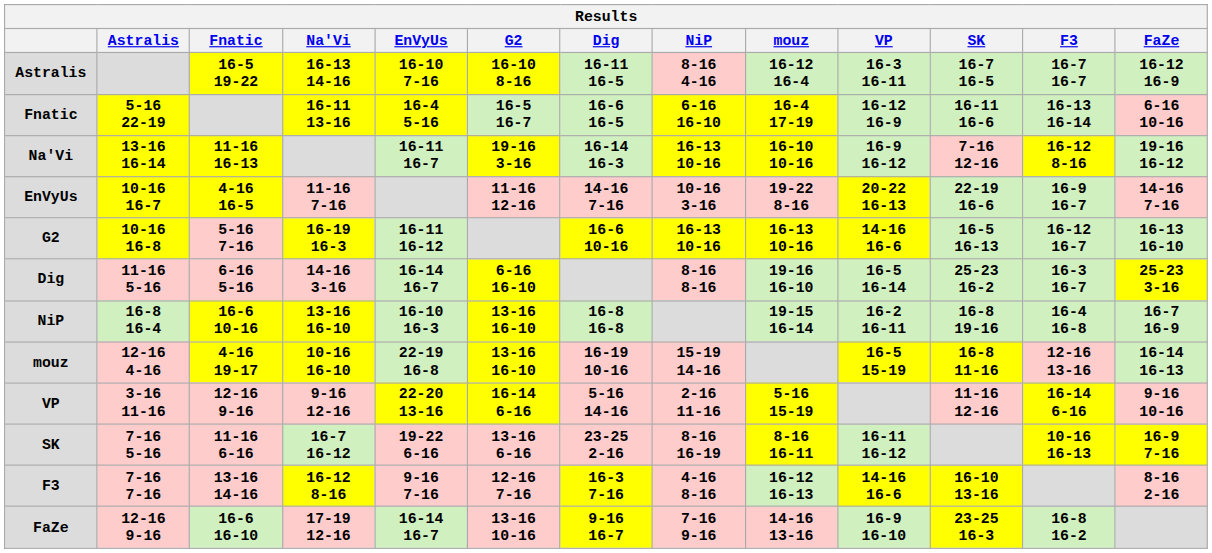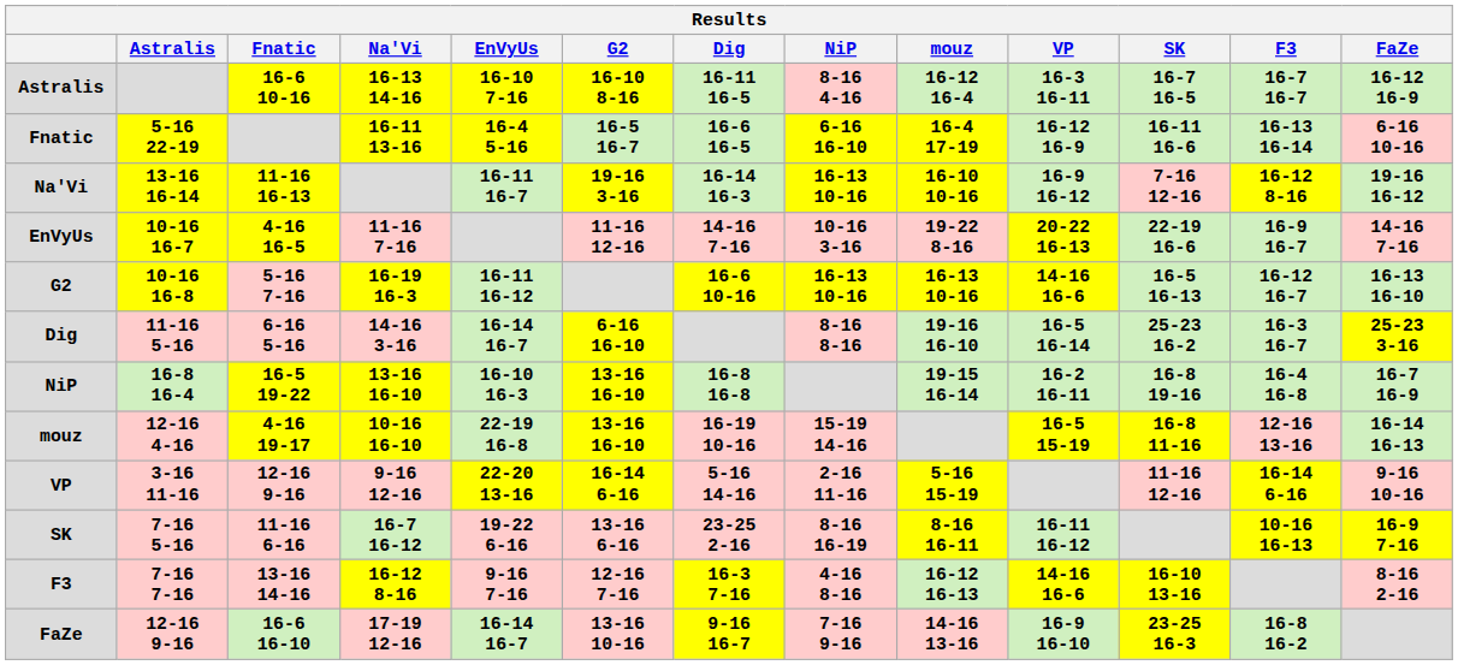 <table class="wikitable" style="text-align: center;">
 <tr>
 <th colspan=15>Results</th>
 </tr>
 <tr>
 <th width="75px"></th>
 <th width="75px"><a href='#'>Astralis</a></th>
 <th width="75px"><a href='#'>Fnatic</a></th>
 <th width="75px"><a href='#'>Na'Vi</a></th>
 <th width="75px"><a href='#'>EnVyUs</a></th>
 <th width="75px"><a href='#'>G2</a></th>
 <th width="75px"><a href='#'>Dig</a></th>
 <th width="75px"><a href='#'>NiP</a></th>
 <th width="75px"><a href='#'>mouz</a></th>
 <th width="75px"><a href='#'>VP</a></th>
 <th width="75px"><a href='#'>SK</a></th>
 <th width="75px"><a href='#'>F3</a></th>
 <th width="75px"><a href='#'>FaZe</a></th>
 </tr>
 <tr>
 <td style="background: #DCDCDC;"><strong>Astralis</strong></td>
 <td style="background: #DCDCDC;"></td>
-<td style="background: #FFFF00;"><strong>16-5<br>19-22</strong></td>
+<td style="background: #FFFF00;"><strong>16-6<br>10-16</strong></td>
 <td style="background: #FFFF00;"><strong>16-13<br>14-16</strong></td>
 <td style="background: #FFFF00;"><strong>16-10<br>7-16</strong></td>
 <td style="background: #FFFF00;"><strong>16-10<br>8-16</strong></td>
 <td style="background: #D0F0C0;"><strong>16-11<br>16-5</strong></td>
 <td style="background: #FFCCCC;"><strong>8-16<br>4-16</strong></td>
 <td style="background: #D0F0C0;"><strong>16-12<br>16-4</strong></td>
 <td style="background: #D0F0C0;"><strong>16-3<br>16-11</strong></td>
 <td style="background: #D0F0C0;"><strong>16-7<br>16-5</strong></td>
 <td style="background: #D0F0C0;"><strong>16-7<br>16-7</strong></td>
 <td style="background: #D0F0C0;"><strong>16-12<br>16-9</strong></td>
 </tr>
 <tr>
 <td style="background: #DCDCDC;"><strong>Fnatic</strong></td>
 <td style="background: #FFFF00;"><strong>5-16<br>22-19</strong></td>
 <td style="background: #DCDCDC;"></td>
 <td style="background: #FFFF00;"><strong>16-11<br>13-16</strong></td>
 <td style="background: #FFFF00;"><strong>16-4<br>5-16</strong></td>
 <td style="background: #D0F0C0;"><strong>16-5<br>16-7</strong></td>
 <td style="background: #D0F0C0;"><strong>16-6<br>16-5</strong></td>
 <td style="background: #FFFF00;"><strong>6-16<br>16-10</strong></td>
 <td style="background: #FFFF00;"><strong>16-4<br>17-19</strong></td>
 <td style="background: #D0F0C0;"><strong>16-12<br>16-9</strong></td>
 <td style="background: #D0F0C0;"><strong>16-11<br>16-6</strong></td>
 <td style="background: #D0F0C0;"><strong>16-13<br>16-14</strong></td>
 <td style="background: #FFCCCC;"><strong>6-16<br>10-16</strong></td>
 </tr>
 <tr>
 <td style="background: #DCDCDC;"><strong>Na'Vi</strong></td>
 <td style="background: #FFFF00;"><strong>13-16<br>16-14</strong></td>
 <td style="background: #FFFF00;"><strong>11-16<br>16-13</strong></td>
 <td style="background: #DCDCDC;"></td>
 <td style="background: #D0F0C0;"><strong>16-11<br>16-7</strong></td>
 <td style="background: #FFFF00;"><strong>19-16<br>3-16</strong></td>
 <td style="background: #D0F0C0;"><strong>16-14<br>16-3</strong></td>
 <td style="background: #FFFF00;"><strong>16-13<br>10-16</strong></td>
 <td style="background: #FFFF00;"><strong>16-10<br>10-16</strong></td>
 <td style="background: #D0F0C0;"><strong>16-9<br>16-12</strong></td>
 <td style="background: #FFCCCC;"><strong>7-16<br>12-16</strong></td>
 <td style="background: #FFFF00;"><strong>16-12<br>8-16</strong></td>
 <td style="background: #D0F0C0;"><strong>19-16<br>16-12</strong></td>
 </tr>
 <tr>
 <td style="background: #DCDCDC;"><strong>EnVyUs</strong></td>
 <td style="background: #FFFF00;"><strong>10-16<br>16-7</strong></td>
 <td style="background: #FFFF00;"><strong>4-16<br>16-5</strong></td>
 <td style="background: #FFCCCC;"><strong>11-16<br>7-16</strong></td>
 <td style="background: #DCDCDC;"></td>
 <td style="background: #FFCCCC;"><strong>11-16<br>12-16</strong></td>
 <td style="background: #FFCCCC;"><strong>14-16<br>7-16</strong></td>
 <td style="background: #FFCCCC;"><strong>10-16<br>3-16</strong></td>
 <td style="background: #FFCCCC;"><strong>19-22<br>8-16</strong></td>
 <td style="background: #FFFF00;"><strong>20-22<br>16-13</strong></td>
 <td style="background: #D0F0C0;"><strong>22-19<br>16-6</strong></td>
 <td style="background: #D0F0C0;"><strong>16-9<br>16-7</strong></td>
 <td style="background: #FFCCCC;"><strong>14-16<br>7-16</strong></td>
 </tr>
 <tr>
 <td style="background: #DCDCDC;"><strong>G2</strong></td>
 <td style="background: #FFFF00;"><strong>10-16<br>16-8</strong></td>
 <td style="background: #FFCCCC;"><strong>5-16<br>7-16</strong></td>
 <td style="background: #FFFF00;"><strong>16-19<br>16-3</strong></td>
 <td style="background: #D0F0C0;"><strong>16-11<br>16-12</strong></td>
 <td style="background: #DCDCDC;"></td>
 <td style="background: #FFFF00;"><strong>16-6<br>10-16</strong></td>
 <td style="background: #FFFF00;"><strong>16-13<br>10-16</strong></td>
 <td style="background: #FFFF00;"><strong>16-13<br>10-16</strong></td>
 <td style="background: #FFFF00;"><strong>14-16<br>16-6</strong></td>
 <td style="background: #D0F0C0;"><strong>16-5<br>16-13</strong></td>
 <td style="background: #D0F0C0;"><strong>16-12<br>16-7</strong></td>
 <td style="background: #D0F0C0;"><strong>16-13<br>16-10</strong></td>
 </tr>
 <tr>
 <td style="background: #DCDCDC;"><strong>Dig</strong></td>
 <td style="background: #FFCCCC;"><strong>11-16<br>5-16</strong></td>
 <td style="background: #FFCCCC;"><strong>6-16<br>5-16</strong></td>
 <td style="background: #FFCCCC;"><strong>14-16<br>3-16</strong></td>
 <td style="background: #D0F0C0;"><strong>16-14<br>16-7</strong></td>
 <td style="background: #FFFF00;"><strong>6-16<br>16-10</strong></td>
 <td style="background: #DCDCDC;"></td>
 <td style="background: #FFCCCC;"><strong>8-16<br>8-16</strong></td>
 <td style="background: #D0F0C0;"><strong>19-16<br>16-10</strong></td>
 <td style="background: #D0F0C0;"><strong>16-5<br>16-14</strong></td>
 <td style="background: #D0F0C0;"><strong>25-23<br>16-2</strong></td>
 <td style="background: #D0F0C0;"><strong>16-3<br>16-7</strong></td>
 <td style="background: #FFFF00;"><strong>25-23<br>3-16</strong></td>
 </tr>
 <tr>
 <td style="background: #DCDCDC;"><strong>NiP</strong></td>
 <td style="background: #D0F0C0;"><strong>16-8<br>16-4</strong></td>
-<td style="background: #FFFF00;"><strong>16-6<br>10-16</strong></td>
+<td style="background: #FFFF00;"><strong>16-5<br>19-22</strong></td>
 <td style="background: #FFFF00;"><strong>13-16<br>16-10</strong></td>
 <td style="background: #D0F0C0;"><strong>16-10<br>16-3</strong></td>
 <td style="background: #FFFF00;"><strong>13-16<br>16-10</strong></td>
 <td style="background: #D0F0C0;"><strong>16-8<br>16-8</strong></td>
 <td style="background: #DCDCDC;"></td>
 <td style="background: #D0F0C0;"><strong>19-15<br>16-14</strong></td>
 <td style="background: #D0F0C0;"><strong>16-2<br>16-11</strong></td>
 <td style="background: #D0F0C0;"><strong>16-8<br>19-16</strong></td>
 <td style="background: #D0F0C0;"><strong>16-4<br>16-8</strong></td>
 <td style="background: #D0F0C0;"><strong>16-7<br>16-9</strong></td>
 </tr>
 <tr>
 <td style="background: #DCDCDC;"><strong>mouz</strong></td>
 <td style="background: #FFCCCC;"><strong>12-16<br>4-16</strong></td>
 <td style="background: #FFFF00;"><strong>4-16<br>19-17</strong></td>
 <td style="background: #FFFF00;"><strong>10-16<br>16-10</strong></td>
 <td style="background: #D0F0C0;"><strong>22-19<br>16-8</strong></td>
 <td style="background: #FFFF00;"><strong>13-16<br>16-10</strong></td>
 <td style="background: #FFCCCC;"><strong>16-19<br>10-16</strong></td>
 <td style="background: #FFCCCC;"><strong>15-19<br>14-16</strong></td>
 <td style="background: #DCDCDC;"></td>
 <td style="background: #FFFF00;"><strong>16-5<br>15-19</strong></td>
 <td style="background: #FFFF00;"><strong>16-8<br>11-16</strong></td>
 <td style="background: #FFCCCC;"><strong>12-16<br>13-16</strong></td>
 <td style="background: #D0F0C0;"><strong>16-14<br>16-13</strong></td>
 </tr>
 <tr>
 <td style="background: #DCDCDC;"><strong>VP</strong></td>
 <td style="background: #FFCCCC;"><strong>3-16<br>11-16</strong></td>
 <td style="background: #FFCCCC;"><strong>12-16<br>9-16</strong></td>
 <td style="background: #FFCCCC;"><strong>9-16<br>12-16</strong></td>
 <td style="background: #FFFF00;"><strong>22-20<br>13-16</strong></td>
 <td style="background: #FFFF00;"><strong>16-14<br>6-16</strong></td>
 <td style="background: #FFCCCC;"><strong>5-16<br>14-16</strong></td>
 <td style="background: #FFCCCC;"><strong>2-16<br>11-16</strong></td>
 <td style="background: #FFFF00;"><strong>5-16<br>15-19</strong></td>
 <td style="background: #DCDCDC;"></td>
 <td style="background: #FFCCCC;"><strong>11-16<br>12-16</strong></td>
 <td style="background: #FFFF00;"><strong>16-14<br>6-16</strong></td>
 <td style="background: #FFCCCC;"><strong>9-16<br>10-16</strong></td>
 </tr>
 <tr>
 <td style="background: #DCDCDC;"><strong>SK</strong></td>
 <td style="background: #FFCCCC;"><strong>7-16<br>5-16</strong></td>
 <td style="background: #FFCCCC;"><strong>11-16<br>6-16</strong></td>
 <td style="background: #D0F0C0;"><strong>16-7<br>16-12</strong></td>
 <td style="background: #FFCCCC;"><strong>19-22<br>6-16</strong></td>
 <td style="background: #FFCCCC;"><strong>13-16<br>6-16</strong></td>
 <td style="background: #FFCCCC;"><strong>23-25<br>2-16</strong></td>
 <td style="background: #FFCCCC;"><strong>8-16<br>16-19</strong></td>
 <td style="background: #FFFF00;"><strong>8-16<br>16-11</strong></td>
 <td style="background: #D0F0C0;"><strong>16-11<br>16-12</strong></td>
 <td style="background: #DCDCDC;"></td>
 <td style="background: #FFFF00;"><strong>10-16<br>16-13</strong></td>
 <td style="background: #FFFF00;"><strong>16-9<br>7-16</strong></td>
 </tr>
 <tr>
 <td style="background: #DCDCDC;"><strong>F3</strong></td>
 <td style="background: #FFCCCC;"><strong>7-16<br>7-16</strong></td>
 <td style="background: #FFCCCC;"><strong>13-16<br>14-16</strong></td>
 <td style="background: #FFFF00;"><strong>16-12<br>8-16</strong></td>
 <td style="background: #FFCCCC;"><strong>9-16<br>7-16</strong></td>
 <td style="background: #FFCCCC;"><strong>12-16<br>7-16</strong></td>
 <td style="background: #FFFF00;"><strong>16-3<br>7-16</strong></td>
 <td style="background: #FFCCCC;"><strong>4-16<br>8-16</strong></td>
 <td style="background: #D0F0C0;"><strong>16-12<br>16-13</strong></td>
 <td style="background: #FFFF00;"><strong>14-16<br>16-6</strong></td>
 <td style="background: #FFFF00;"><strong>16-10<br>13-16</strong></td>
 <td style="background: #DCDCDC;"></td>
 <td style="background: #FFCCCC;"><strong>8-16<br>2-16</strong></td>
 </tr>
 <tr>
 <td style="background: #DCDCDC;"><strong>FaZe</strong></td>
 <td style="background: #FFCCCC;"><strong>12-16<br>9-16</strong></td>
 <td style="background: #D0F0C0;"><strong>16-6<br>16-10</strong></td>
 <td style="background: #FFCCCC;"><strong>17-19<br>12-16</strong></td>
 <td style="background: #D0F0C0;"><strong>16-14<br>16-7</strong></td>
 <td style="background: #FFCCCC;"><strong>13-16<br>10-16</strong></td>
 <td style="background: #FFFF00;"><strong>9-16<br>16-7</strong></td>
 <td style="background: #FFCCCC;"><strong>7-16<br>9-16</strong></td>
 <td style="background: #FFCCCC;"><strong>14-16<br>13-16</strong></td>
 <td style="background: #D0F0C0;"><strong>16-9<br>16-10</strong></td>
 <td style="background: #FFFF00;"><strong>23-25<br>16-3</strong></td>
 <td style="background: #D0F0C0;"><strong>16-8<br>16-2</strong></td>
 <td style="background: #DCDCDC;"></td>
 </tr>
 </table>
